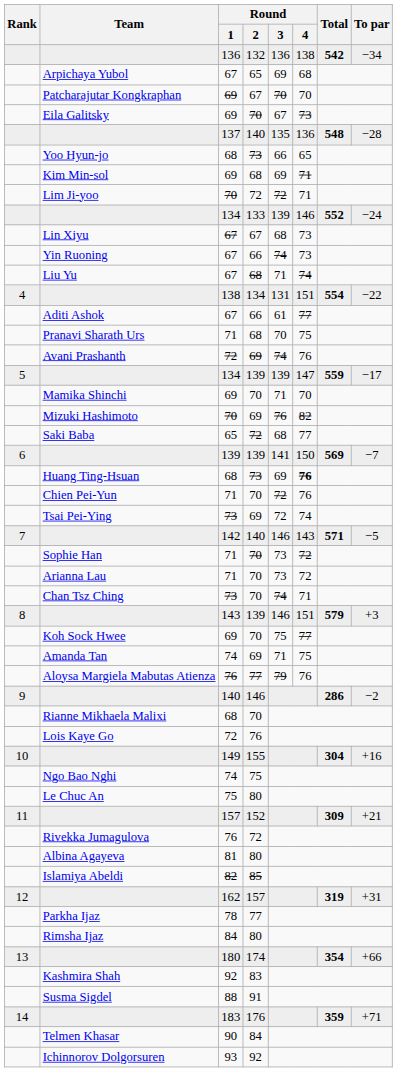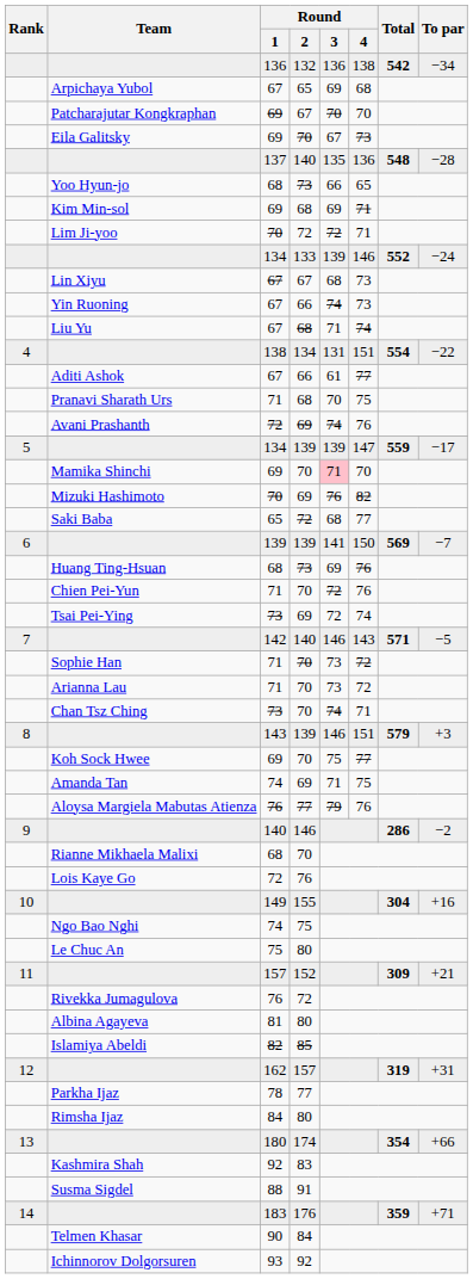 <table class=wikitable style="text-align:center">
 <tr>
 <th rowspan="2">Rank</th>
 <th rowspan="2">Team</th>
 <th colspan="4">Round</th>
 <th rowspan="2">Total</th>
 <th rowspan="2">To par</th>
 </tr>
 <tr>
 <th>1</th>
 <th>2</th>
 <th>3</th>
 <th>4</th>
 </tr>
 <tr style="background:#eeeeee;">
 <td></td>
 <td align=left></td>
 <td>136</td>
 <td>132</td>
 <td>136</td>
 <td>138</td>
 <td><strong>542</strong></td>
 <td>−34</td>
 </tr>
 <tr>
 <td></td>
 <td align=left><a href='#'>Arpichaya Yubol</a></td>
 <td>67</td>
 <td>65</td>
 <td>69</td>
 <td>68</td>
 <td colspan=2></td>
 </tr>
 <tr>
 <td></td>
 <td align=left><a href='#'>Patcharajutar Kongkraphan</a></td>
 <td><s>69</s></td>
 <td>67</td>
 <td><s>70</s></td>
 <td>70</td>
 <td colspan=2></td>
 </tr>
 <tr>
 <td></td>
 <td align=left><a href='#'>Eila Galitsky</a></td>
 <td>69</td>
 <td><s>70</s></td>
 <td>67</td>
 <td><s>73</s></td>
 <td colspan=2></td>
 </tr>
 <tr style="background:#eeeeee;">
 <td></td>
 <td align=left></td>
 <td>137</td>
 <td>140</td>
 <td>135</td>
 <td>136</td>
 <td><strong>548</strong></td>
 <td>−28</td>
 </tr>
 <tr>
 <td></td>
 <td align=left><a href='#'>Yoo Hyun-jo</a></td>
 <td>68</td>
 <td><s>73</s></td>
 <td>66</td>
 <td>65</td>
 <td colspan=2></td>
 </tr>
 <tr>
 <td></td>
 <td align=left><a href='#'>Kim Min-sol</a></td>
 <td>69</td>
 <td>68</td>
 <td>69</td>
 <td><s>71</s></td>
 <td colspan=2></td>
 </tr>
 <tr>
 <td></td>
 <td align=left><a href='#'>Lim Ji-yoo</a></td>
 <td><s>70</s></td>
 <td>72</td>
 <td><s>72</s></td>
 <td>71</td>
 <td colspan=2></td>
 </tr>
 <tr style="background:#eeeeee;">
 <td></td>
 <td align=left></td>
 <td>134</td>
 <td>133</td>
 <td>139</td>
 <td>146</td>
 <td><strong>552</strong></td>
 <td>−24</td>
 </tr>
 <tr>
 <td></td>
 <td align=left><a href='#'>Lin Xiyu</a></td>
 <td><s>67</s></td>
 <td>67</td>
 <td>68</td>
 <td>73</td>
 <td colspan=2></td>
 </tr>
 <tr>
 <td></td>
 <td align=left><a href='#'>Yin Ruoning</a></td>
 <td>67</td>
 <td>66</td>
 <td><s>74</s></td>
 <td>73</td>
 <td colspan=2></td>
 </tr>
 <tr>
 <td></td>
 <td align=left><a href='#'>Liu Yu</a></td>
 <td>67</td>
 <td><s>68</s></td>
 <td>71</td>
 <td><s>74</s></td>
 <td colspan=2></td>
 </tr>
 <tr style="background:#eeeeee;">
 <td>4</td>
 <td align=left></td>
 <td>138</td>
 <td>134</td>
 <td>131</td>
 <td>151</td>
 <td><strong>554</strong></td>
 <td>−22</td>
 </tr>
 <tr>
 <td></td>
 <td align=left><a href='#'>Aditi Ashok</a></td>
 <td>67</td>
 <td>66</td>
 <td>61</td>
 <td><s>77</s></td>
 <td colspan=2></td>
 </tr>
 <tr>
 <td></td>
 <td align=left><a href='#'>Pranavi Sharath Urs</a></td>
 <td>71</td>
 <td>68</td>
 <td>70</td>
 <td>75</td>
 <td colspan=2></td>
 </tr>
 <tr>
 <td></td>
 <td align=left><a href='#'>Avani Prashanth</a></td>
 <td><s>72</s></td>
 <td><s>69</s></td>
 <td><s>74</s></td>
 <td>76</td>
 <td colspan=2></td>
 </tr>
 <tr style="background:#eeeeee;">
 <td>5</td>
 <td align=left></td>
 <td>134</td>
 <td>139</td>
 <td>139</td>
 <td>147</td>
 <td><strong>559</strong></td>
 <td>−17</td>
 </tr>
 <tr>
 <td></td>
 <td align=left><a href='#'>Mamika Shinchi</a></td>
 <td>69</td>
 <td>70</td>
-<td>71</td>
+<td style="background: pink;">71</td>
 <td>70</td>
 <td colspan=2></td>
 </tr>
 <tr>
 <td></td>
 <td align=left><a href='#'>Mizuki Hashimoto</a></td>
 <td><s>70</s></td>
 <td>69</td>
 <td><s>76</s></td>
 <td><s>82</s></td>
 <td colspan=2></td>
 </tr>
 <tr>
 <td></td>
 <td align=left><a href='#'>Saki Baba</a></td>
 <td>65</td>
 <td><s>72</s></td>
 <td>68</td>
 <td>77</td>
 <td colspan=2></td>
 </tr>
 <tr style="background:#eeeeee;">
 <td>6</td>
 <td align=left></td>
 <td>139</td>
 <td>139</td>
 <td>141</td>
 <td>150</td>
 <td><strong>569</strong></td>
 <td>−7</td>
 </tr>
 <tr>
 <td></td>
 <td align=left><a href='#'>Huang Ting-Hsuan</a></td>
 <td>68</td>
 <td><s>73</s></td>
 <td>69</td>
-<td><strong><s>76</s></strong></td>
+<td><s>76</s></td>
 <td colspan=2></td>
 </tr>
 <tr>
 <td></td>
 <td align=left><a href='#'>Chien Pei-Yun</a></td>
 <td>71</td>
 <td>70</td>
 <td><s>72</s></td>
 <td>76</td>
 <td colspan=2></td>
 </tr>
 <tr>
 <td></td>
 <td align=left><a href='#'>Tsai Pei-Ying</a></td>
 <td><s>73</s></td>
 <td>69</td>
 <td>72</td>
 <td>74</td>
 <td colspan=2></td>
 </tr>
 <tr style="background:#eeeeee;">
 <td>7</td>
 <td align=left></td>
 <td>142</td>
 <td>140</td>
 <td>146</td>
 <td>143</td>
 <td><strong>571</strong></td>
 <td>−5</td>
 </tr>
 <tr>
 <td></td>
 <td align=left><a href='#'>Sophie Han</a></td>
 <td>71</td>
 <td><s>70</s></td>
 <td>73</td>
 <td><s>72</s></td>
 <td colspan=2></td>
 </tr>
 <tr>
 <td></td>
 <td align=left><a href='#'>Arianna Lau</a></td>
 <td>71</td>
 <td>70</td>
 <td>73</td>
 <td>72</td>
 <td colspan=2></td>
 </tr>
 <tr>
 <td></td>
 <td align=left><a href='#'>Chan Tsz Ching</a></td>
 <td><s>73</s></td>
 <td>70</td>
 <td><s>74</s></td>
 <td>71</td>
 <td colspan=2></td>
 </tr>
 <tr style="background:#eeeeee;">
 <td>8</td>
 <td align=left></td>
 <td>143</td>
 <td>139</td>
 <td>146</td>
 <td>151</td>
 <td><strong>579</strong></td>
 <td>+3</td>
 </tr>
 <tr>
 <td></td>
 <td align=left><a href='#'>Koh Sock Hwee</a></td>
 <td>69</td>
 <td>70</td>
 <td>75</td>
 <td><s>77</s></td>
 <td colspan=2></td>
 </tr>
 <tr>
 <td></td>
 <td align=left><a href='#'>Amanda Tan</a></td>
 <td>74</td>
 <td>69</td>
 <td>71</td>
 <td>75</td>
 <td colspan=2></td>
 </tr>
 <tr>
 <td></td>
 <td align=left><a href='#'>Aloysa Margiela Mabutas Atienza</a></td>
 <td><s>76</s></td>
 <td><s>77</s></td>
 <td><s>79</s></td>
 <td>76</td>
 <td colspan=2></td>
 </tr>
 <tr style="background:#eeeeee;">
 <td>9</td>
 <td align=left></td>
 <td>140</td>
 <td>146</td>
 <td colspan=2></td>
 <td><strong>286</strong></td>
 <td>−2</td>
 </tr>
 <tr>
 <td></td>
 <td align=left><a href='#'>Rianne Mikhaela Malixi</a></td>
 <td>68</td>
 <td>70</td>
 <td colspan=4></td>
 </tr>
 <tr>
 <td></td>
 <td align=left><a href='#'>Lois Kaye Go</a></td>
 <td>72</td>
 <td>76</td>
 <td colspan=4></td>
 </tr>
 <tr style="background:#eeeeee;">
 <td>10</td>
 <td align=left></td>
 <td>149</td>
 <td>155</td>
 <td colspan=2></td>
 <td><strong>304</strong></td>
 <td>+16</td>
 </tr>
 <tr>
 <td></td>
 <td align=left><a href='#'>Ngo Bao Nghi</a></td>
 <td>74</td>
 <td>75</td>
 <td colspan=4></td>
 </tr>
 <tr>
 <td></td>
 <td align=left><a href='#'>Le Chuc An</a></td>
 <td>75</td>
 <td>80</td>
 <td colspan=4></td>
 </tr>
 <tr style="background:#eeeeee;">
 <td>11</td>
 <td align=left></td>
 <td>157</td>
 <td>152</td>
 <td colspan=2></td>
 <td><strong>309</strong></td>
 <td>+21</td>
 </tr>
 <tr>
 <td></td>
 <td align=left><a href='#'>Rivekka Jumagulova</a></td>
 <td>76</td>
 <td>72</td>
 <td colspan=4></td>
 </tr>
 <tr>
 <td></td>
 <td align=left><a href='#'>Albina Agayeva</a></td>
 <td>81</td>
 <td>80</td>
 <td colspan=4></td>
 </tr>
 <tr>
 <td></td>
 <td align=left><a href='#'>Islamiya Abeldi</a></td>
 <td><s>82</s></td>
 <td><s>85</s></td>
 <td colspan=4></td>
 </tr>
 <tr style="background:#eeeeee;">
 <td>12</td>
 <td align=left></td>
 <td>162</td>
 <td>157</td>
 <td colspan=2></td>
 <td><strong>319</strong></td>
 <td>+31</td>
 </tr>
 <tr>
 <td></td>
 <td align=left><a href='#'>Parkha Ijaz</a></td>
 <td>78</td>
 <td>77</td>
 <td colspan=4></td>
 </tr>
 <tr>
 <td></td>
 <td align=left><a href='#'>Rimsha Ijaz</a></td>
 <td>84</td>
 <td>80</td>
 <td colspan=4></td>
 </tr>
 <tr style="background:#eeeeee;">
 <td>13</td>
 <td align=left></td>
 <td>180</td>
 <td>174</td>
 <td colspan=2></td>
 <td><strong>354</strong></td>
 <td>+66</td>
 </tr>
 <tr>
 <td></td>
 <td align=left><a href='#'>Kashmira Shah</a></td>
 <td>92</td>
 <td>83</td>
 <td colspan=4></td>
 </tr>
 <tr>
 <td></td>
 <td align=left><a href='#'>Susma Sigdel</a></td>
 <td>88</td>
 <td>91</td>
 <td colspan=4></td>
 </tr>
 <tr style="background:#eeeeee;">
 <td>14</td>
 <td align=left></td>
 <td>183</td>
 <td>176</td>
 <td colspan=2></td>
 <td><strong>359</strong></td>
 <td>+71</td>
 </tr>
 <tr>
 <td></td>
 <td align=left><a href='#'>Telmen Khasar</a></td>
 <td>90</td>
 <td>84</td>
 <td colspan=4></td>
 </tr>
 <tr>
 <td></td>
 <td align=left><a href='#'>Ichinnorov Dolgorsuren</a></td>
 <td>93</td>
 <td>92</td>
 <td colspan=4></td>
 </tr>
 </table>
